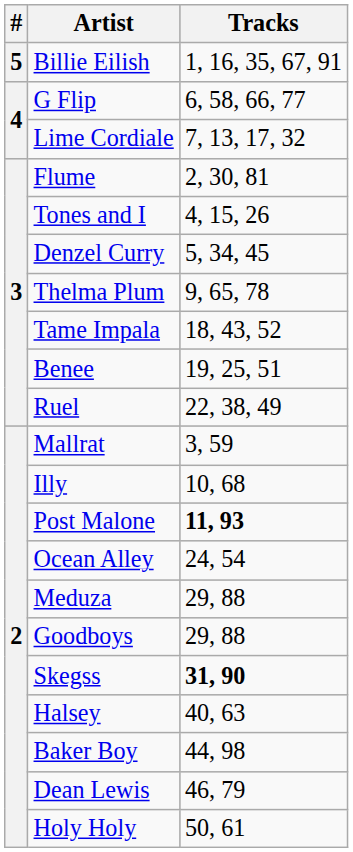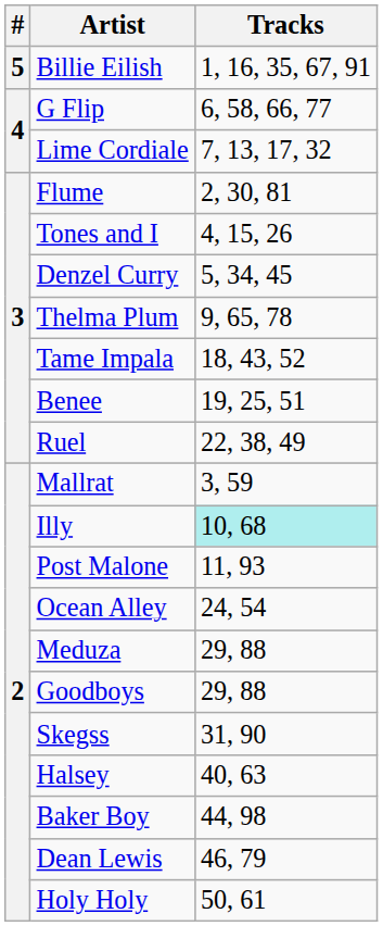 <table class="wikitable sortable">
 <tr>
 <th>#</th>
 <th>Artist</th>
 <th>Tracks</th>
 </tr>
 <tr>
 <th>5</th>
 <td><a href='#'>Billie Eilish</a></td>
 <td>1, 16, 35, 67, 91</td>
 </tr>
 <tr>
 <th rowspan="2">4</th>
 <td><a href='#'>G Flip</a></td>
 <td>6, 58, 66, 77</td>
 </tr>
 <tr>
 <td><a href='#'>Lime Cordiale</a></td>
 <td>7, 13, 17, 32</td>
 </tr>
 <tr>
 <th rowspan="7">3</th>
 <td><a href='#'>Flume</a></td>
 <td>2, 30, 81</td>
 </tr>
 <tr>
 <td><a href='#'>Tones and I</a></td>
 <td>4, 15, 26</td>
 </tr>
 <tr>
 <td><a href='#'>Denzel Curry</a></td>
 <td>5, 34, 45</td>
 </tr>
 <tr>
 <td><a href='#'>Thelma Plum</a></td>
 <td>9, 65, 78</td>
 </tr>
 <tr>
 <td><a href='#'>Tame Impala</a></td>
 <td>18, 43, 52</td>
 </tr>
 <tr>
 <td><a href='#'>Benee</a></td>
 <td>19, 25, 51</td>
 </tr>
 <tr>
 <td><a href='#'>Ruel</a></td>
 <td>22, 38, 49</td>
 </tr>
 <tr>
 <th rowspan="11">2</th>
 <td><a href='#'>Mallrat</a></td>
 <td>3, 59</td>
 </tr>
 <tr>
 <td><a href='#'>Illy</a></td>
-<td>10, 68</td>
+<td style="background: paleturquoise;">10, 68</td>
 </tr>
 <tr>
 <td><a href='#'>Post Malone</a></td>
-<td><strong>11, 93</strong></td>
+<td>11, 93</td>
 </tr>
 <tr>
 <td><a href='#'>Ocean Alley</a></td>
 <td>24, 54</td>
 </tr>
 <tr>
 <td><a href='#'>Meduza</a></td>
 <td>29, 88</td>
 </tr>
 <tr>
 <td><a href='#'>Goodboys</a></td>
 <td>29, 88</td>
 </tr>
 <tr>
 <td><a href='#'>Skegss</a></td>
-<td><strong>31, 90</strong></td>
+<td>31, 90</td>
 </tr>
 <tr>
 <td><a href='#'>Halsey</a></td>
 <td>40, 63</td>
 </tr>
 <tr>
 <td><a href='#'>Baker Boy</a></td>
 <td>44, 98</td>
 </tr>
 <tr>
 <td><a href='#'>Dean Lewis</a></td>
 <td>46, 79</td>
 </tr>
 <tr>
 <td><a href='#'>Holy Holy</a></td>
 <td>50, 61</td>
 </tr>
 </table>
